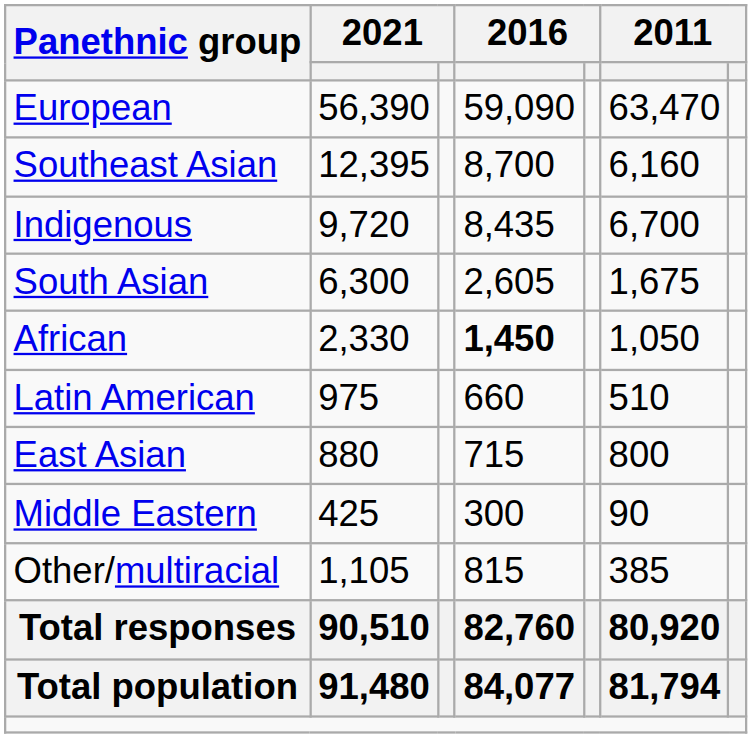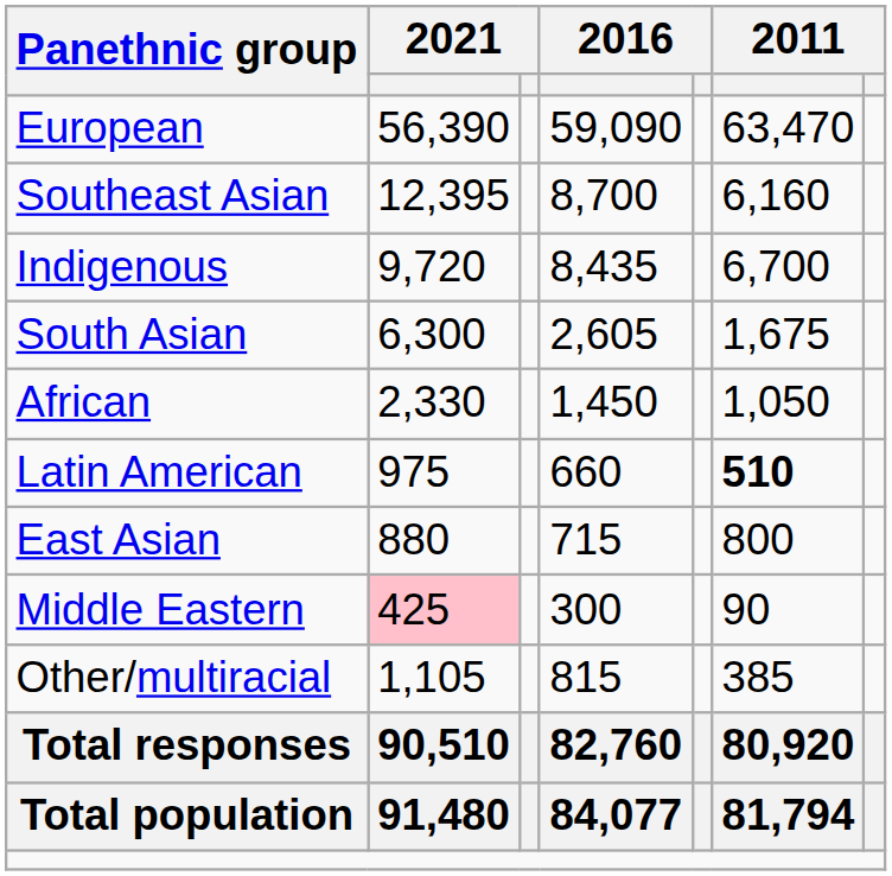 <table class="wikitable collapsible sortable">
 <tr>
 <th rowspan="2"><a href='#'>Panethnic</a> group</th>
 <th colspan="2">2021</th>
 <th colspan="2">2016</th>
 <th colspan="2">2011</th>
 </tr>
 <tr>
 <th><a href='#'></a></th>
 <th></th>
 <th></th>
 <th></th>
 <th></th>
 <th></th>
 </tr>
 <tr>
 <td><a href='#'>European</a></td>
 <td>56,390</td>
 <td></td>
 <td>59,090</td>
 <td></td>
 <td>63,470</td>
 <td></td>
 </tr>
 <tr>
 <td><a href='#'>Southeast Asian</a></td>
 <td>12,395</td>
 <td></td>
 <td>8,700</td>
 <td></td>
 <td>6,160</td>
 <td></td>
 </tr>
 <tr>
 <td><a href='#'>Indigenous</a></td>
 <td>9,720</td>
 <td></td>
 <td>8,435</td>
 <td></td>
 <td>6,700</td>
 <td></td>
 </tr>
 <tr>
 <td><a href='#'>South Asian</a></td>
 <td>6,300</td>
 <td></td>
 <td>2,605</td>
 <td></td>
 <td>1,675</td>
 <td></td>
 </tr>
 <tr>
 <td><a href='#'>African</a></td>
 <td>2,330</td>
 <td></td>
-<td><strong>1,450</strong></td>
+<td>1,450</td>
 <td></td>
 <td>1,050</td>
 <td></td>
 </tr>
 <tr>
 <td><a href='#'>Latin American</a></td>
 <td>975</td>
 <td></td>
 <td>660</td>
 <td></td>
-<td>510</td>
+<td><strong>510</strong></td>
 <td></td>
 </tr>
 <tr>
 <td><a href='#'>East Asian</a></td>
 <td>880</td>
 <td></td>
 <td>715</td>
 <td></td>
 <td>800</td>
 <td></td>
 </tr>
 <tr>
 <td><a href='#'>Middle Eastern</a></td>
-<td>425</td>
+<td style="background: pink;">425</td>
 <td></td>
 <td>300</td>
 <td></td>
 <td>90</td>
 <td></td>
 </tr>
 <tr>
 <td>Other/<a href='#'>multiracial</a></td>
 <td>1,105</td>
 <td></td>
 <td>815</td>
 <td></td>
 <td>385</td>
 <td></td>
 </tr>
 <tr>
 <th>Total responses</th>
 <th>90,510</th>
 <th></th>
 <th>82,760</th>
 <th></th>
 <th>80,920</th>
 <th></th>
 </tr>
 <tr class="sortbottom">
 <th>Total population</th>
 <th>91,480</th>
 <th></th>
 <th>84,077</th>
 <th></th>
 <th>81,794</th>
 <th></th>
 </tr>
 <tr class="sortbottom">
 <td colspan="15"></td>
 </tr>
 </table>
